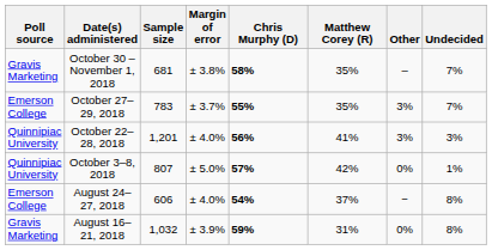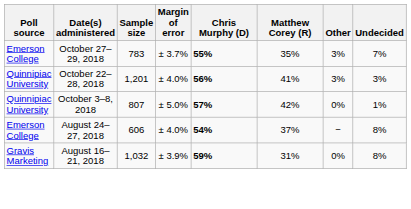 <table class="wikitable" style="font-size:90%">
 <tr valign=bottom>
 <th>Poll source</th>
 <th>Date(s)<br>administered</th>
 <th>Sample<br>size</th>
 <th>Margin<br>of error</th>
 <th style="width:100px;">Chris<br>Murphy (D)</th>
 <th style="width:100px;">Matthew<br>Corey (R)</th>
 <th>Other</th>
 <th>Undecided</th>
-</tr>
-<tr>
-<td><a href='#'>Gravis Marketing</a></td>
-<td align=center>October 30 – November 1, 2018</td>
-<td align=center>681</td>
-<td align=center>± 3.8%</td>
-<td><strong>58%</strong></td>
-<td align=center>35%</td>
-<td align=center>–</td>
-<td align=center>7%</td>
 </tr>
 <tr>
 <td><a href='#'>Emerson College</a></td>
 <td align=center>October 27–29, 2018</td>
 <td align=center>783</td>
 <td align=center>± 3.7%</td>
 <td><strong>55%</strong></td>
 <td align=center>35%</td>
 <td align=center>3%</td>
 <td align=center>7%</td>
 </tr>
 <tr>
 <td><a href='#'>Quinnipiac University</a></td>
 <td align=center>October 22–28, 2018</td>
 <td align=center>1,201</td>
 <td align=center>± 4.0%</td>
 <td><strong>56%</strong></td>
 <td align=center>41%</td>
 <td align=center>3%</td>
 <td align=center>3%</td>
 </tr>
 <tr>
 <td><a href='#'>Quinnipiac University</a></td>
 <td align=center>October 3–8, 2018</td>
 <td align=center>807</td>
 <td align=center>± 5.0%</td>
 <td><strong>57%</strong></td>
 <td align=center>42%</td>
 <td align=center>0%</td>
 <td align=center>1%</td>
 </tr>
 <tr>
 <td><a href='#'>Emerson College</a></td>
 <td align=center>August 24–27, 2018</td>
 <td align=center>606</td>
 <td align=center>± 4.0%</td>
 <td><strong>54%</strong></td>
 <td align=center>37%</td>
 <td align=center>−</td>
 <td align=center>8%</td>
 </tr>
 <tr>
 <td><a href='#'>Gravis Marketing</a></td>
 <td align=center>August 16–21, 2018</td>
 <td align=center>1,032</td>
 <td align=center>± 3.9%</td>
 <td><strong>59%</strong></td>
 <td align=center>31%</td>
 <td align=center>0%</td>
 <td align=center>8%</td>
 </tr>
 </table>
